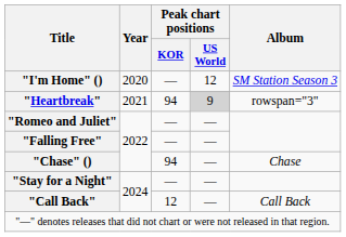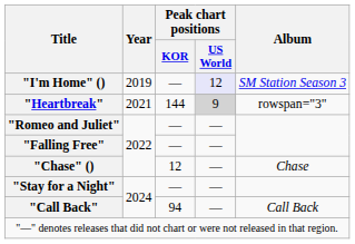 <table class="wikitable plainrowheaders" style="text-align:center;">
 <tr>
 <th scope="col" rowspan="2">Title</th>
 <th scope="col" rowspan="2">Year</th>
 <th scope="col" colspan="2">Peak chart positions</th>
 <th scope="col" rowspan="2">Album</th>
 </tr>
 <tr>
 <th scope="col" style="width:3em;font-size:90%;"><a href='#'>KOR</a><br></th>
 <th scope="col" style="width:3em;font-size:90%;"><a href='#'>US<br>World</a><br></th>
 </tr>
 <tr>
 <th scope="row">"I'm Home" ()</th>
-<td>2020</td>
+<td>2019</td>
 <td>—</td>
-<td>12</td>
+<td style="background: lavender;">12</td>
 <td><em><a href='#'>SM Station Season 3</a></em></td>
 </tr>
 <tr>
 <th scope="row">"<a href='#'>Heartbreak</a>"</th>
 <td>2021</td>
-<td>94</td>
+<td>144</td>
 <td style="background: lightgrey;">9</td>
 <td>rowspan="3" </td>
 </tr>
 <tr>
 <th scope="row">"Romeo and Juliet"</th>
 <td rowspan="3">2022</td>
 <td>—</td>
 <td>—</td>
 </tr>
 <tr>
 <th scope="row">"Falling Free"</th>
 <td>—</td>
 <td>—</td>
 </tr>
 <tr>
 <th scope="row">"Chase" ()</th>
-<td>94</td>
+<td>12</td>
 <td>—</td>
 <td><em>Chase</em></td>
 </tr>
 <tr>
 <th scope="row">"Stay for a Night"</th>
 <td rowspan="2">2024</td>
 <td>—</td>
 <td>—</td>
 <td></td>
 </tr>
 <tr>
 <th scope="row">"Call Back"</th>
-<td>12</td>
+<td>94</td>
 <td>—</td>
 <td><em>Call Back</em></td>
 </tr>
 <tr>
 <td colspan="7"><small>"—" denotes releases that did not chart or were not released in that region.</small></td>
 </tr>
 </table>
